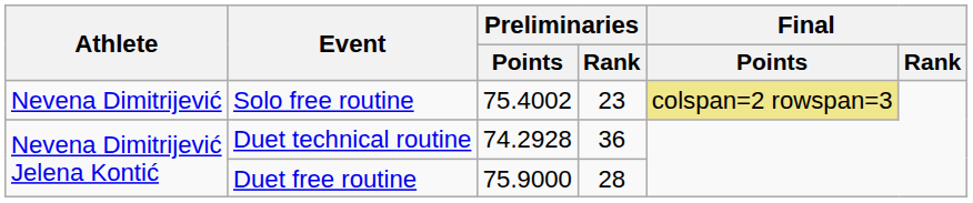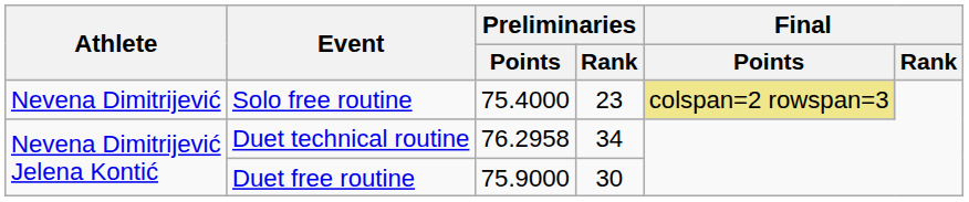 <table class=wikitable style="font-size:90%">
 <tr>
 <th rowspan="2">Athlete</th>
 <th rowspan="2">Event</th>
 <th colspan="2">Preliminaries</th>
 <th colspan="2">Final</th>
 </tr>
 <tr style="font-size:95%">
 <th>Points</th>
 <th>Rank</th>
 <th>Points</th>
 <th>Rank</th>
 </tr>
 <tr align=center>
 <td align=left><a href='#'>Nevena Dimitrijević</a></td>
 <td align=left><a href='#'>Solo free routine</a></td>
-<td>75.4002</td>
+<td>75.4000</td>
 <td>23</td>
 <td style="background: khaki;">colspan=2 rowspan=3 </td>
 </tr>
 <tr align=center>
 <td align=left rowspan=2><a href='#'>Nevena Dimitrijević</a><br><a href='#'>Jelena Kontić</a></td>
 <td align=left><a href='#'>Duet technical routine</a></td>
-<td>74.2928</td>
-<td>36</td>
+<td>76.2958</td>
+<td>34</td>
 </tr>
 <tr align=center>
 <td align=left><a href='#'>Duet free routine</a></td>
 <td>75.9000</td>
-<td>28</td>
+<td>30</td>
 </tr>
 </table>
